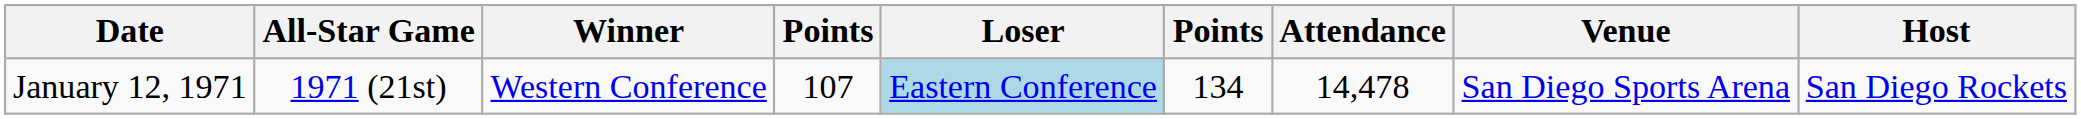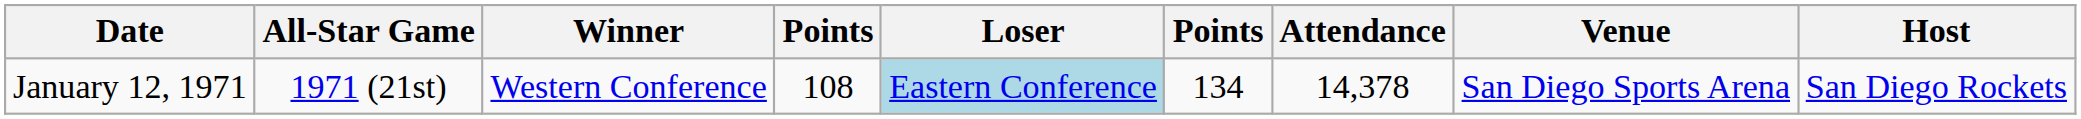 <table class="wikitable" style="text-align:center;">
 <tr>
 <th>Date</th>
 <th>All-Star Game</th>
 <th>Winner</th>
 <th>Points</th>
 <th>Loser</th>
 <th>Points</th>
 <th>Attendance</th>
 <th>Venue</th>
 <th>Host</th>
 </tr>
 <tr>
 <td>January 12, 1971</td>
 <td rowspan="3"><a href='#'>1971</a> (21st)</td>
 <td><a href='#'>Western Conference</a></td>
-<td>107</td>
+<td>108</td>
 <td style="background: lightblue;"><a href='#'>Eastern Conference</a></td>
 <td>134</td>
-<td>14,478</td>
+<td>14,378</td>
 <td><a href='#'>San Diego Sports Arena</a></td>
 <td><a href='#'>San Diego Rockets</a></td>
 </tr>
 </table>
